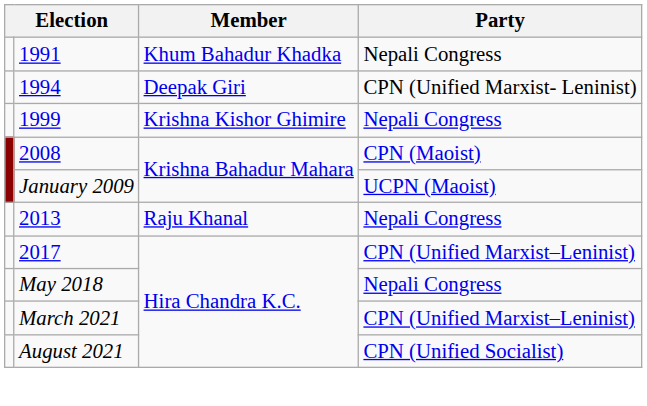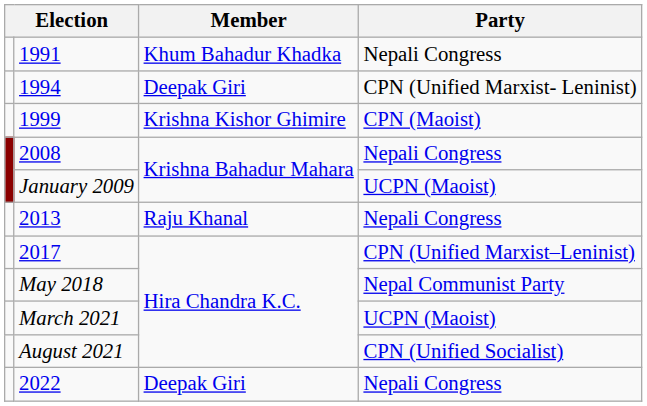 <table class="wikitable">
 <tr>
 <th colspan="2">Election</th>
 <th>Member</th>
 <th>Party</th>
 </tr>
 <tr>
 <td style="background-color:"></td>
 <td><a href='#'>1991</a></td>
 <td><a href='#'>Khum Bahadur Khadka</a></td>
 <td>Nepali Congress</td>
 </tr>
 <tr>
 <td style="background-color:"></td>
 <td><a href='#'>1994</a></td>
 <td><a href='#'>Deepak Giri</a></td>
 <td>CPN (Unified Marxist- Leninist)</td>
 </tr>
 <tr>
 <td style="background-color:"></td>
 <td><a href='#'>1999</a></td>
 <td><a href='#'>Krishna Kishor Ghimire</a></td>
-<td><a href='#'>Nepali Congress</a></td>
+<td><a href='#'>CPN (Maoist)</a></td>
 </tr>
 <tr>
 <td rowspan="2" style="background-color:darkred"></td>
 <td><a href='#'>2008</a></td>
 <td rowspan="2"><a href='#'>Krishna Bahadur Mahara</a></td>
-<td><a href='#'>CPN (Maoist)</a></td>
+<td><a href='#'>Nepali Congress</a></td>
 </tr>
 <tr>
 <td><em>January 2009</em></td>
 <td><a href='#'>UCPN (Maoist)</a></td>
 </tr>
 <tr>
 <td style="background-color:"></td>
 <td><a href='#'>2013</a></td>
 <td><a href='#'>Raju Khanal</a></td>
 <td><a href='#'>Nepali Congress</a></td>
 </tr>
 <tr>
 <td style="background-color:"></td>
 <td><a href='#'>2017</a></td>
 <td rowspan="4"><a href='#'>Hira Chandra K.C.</a></td>
 <td><a href='#'>CPN (Unified Marxist–Leninist)</a></td>
 </tr>
 <tr>
 <td style="background-color:"></td>
 <td><em>May 2018</em></td>
-<td><a href='#'>Nepali Congress</a></td>
+<td><a href='#'>Nepal Communist Party</a></td>
 </tr>
 <tr>
 <td style="background-color:"></td>
 <td><em>March 2021</em></td>
-<td><a href='#'>CPN (Unified Marxist–Leninist)</a></td>
+<td><a href='#'>UCPN (Maoist)</a></td>
 </tr>
 <tr>
 <td style="background-color:"></td>
 <td><em>August 2021</em></td>
 <td><a href='#'>CPN (Unified Socialist)</a></td>
 </tr>
+<tr>
+<td style="background-color:"></td>
+<td><a href='#'>2022</a></td>
+<td><a href='#'>Deepak Giri</a></td>
+<td><a href='#'>Nepali Congress</a></td>
+</tr>
 </table>
